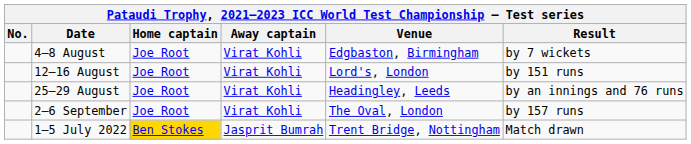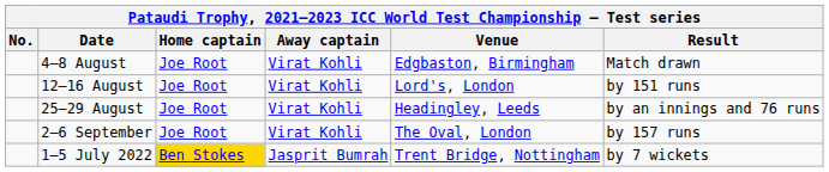 <table class="wikitable">
 <tr>
 <th colspan="9"><a href='#'>Pataudi Trophy</a>, <a href='#'>2021–2023 ICC World Test Championship</a> – Test series</th>
 </tr>
 <tr>
 <th>No.</th>
 <th>Date</th>
 <th>Home captain</th>
 <th>Away captain</th>
 <th>Venue</th>
 <th>Result</th>
 </tr>
 <tr>
 <td></td>
 <td>4–8 August</td>
 <td><a href='#'>Joe Root</a></td>
 <td><a href='#'>Virat Kohli</a></td>
 <td><a href='#'>Edgbaston</a>, <a href='#'>Birmingham</a></td>
-<td> by 7 wickets</td>
+<td>Match drawn</td>
 </tr>
 <tr>
 <td></td>
 <td>12–16 August</td>
 <td><a href='#'>Joe Root</a></td>
 <td><a href='#'>Virat Kohli</a></td>
 <td><a href='#'>Lord's</a>, <a href='#'>London</a></td>
 <td> by 151 runs</td>
 </tr>
 <tr>
 <td></td>
 <td>25–29 August</td>
 <td><a href='#'>Joe Root</a></td>
 <td><a href='#'>Virat Kohli</a></td>
 <td><a href='#'>Headingley</a>, <a href='#'>Leeds</a></td>
 <td> by an innings and 76 runs</td>
 </tr>
 <tr>
 <td></td>
 <td>2–6 September</td>
 <td><a href='#'>Joe Root</a></td>
 <td><a href='#'>Virat Kohli</a></td>
 <td><a href='#'>The Oval</a>, <a href='#'>London</a></td>
 <td> by 157 runs</td>
 </tr>
 <tr>
 <td></td>
 <td>1–5 July 2022</td>
 <td style="background: gold;"><a href='#'>Ben Stokes</a></td>
 <td><a href='#'>Jasprit Bumrah</a></td>
 <td><a href='#'>Trent Bridge</a>, <a href='#'>Nottingham</a></td>
-<td>Match drawn</td>
+<td> by 7 wickets</td>
 </tr>
 </table>
